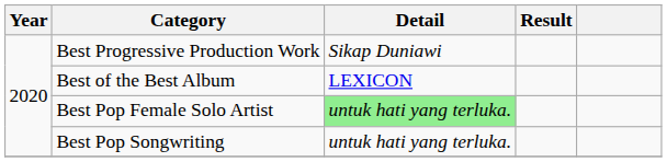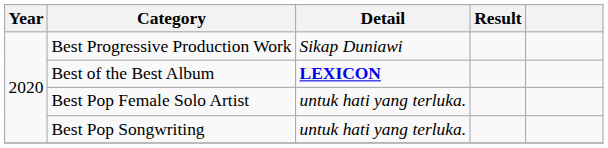 <table class="wikitable">
 <tr>
 <th>Year</th>
 <th>Category</th>
 <th>Detail</th>
 <th>Result</th>
 <th scope="col" style="width:4em;"></th>
 </tr>
 <tr>
 <td align="center" rowspan="4">2020</td>
 <td>Best Progressive Production Work</td>
 <td><em>Sikap Duniawi</em></td>
 <td></td>
 <td></td>
 </tr>
 <tr>
 <td>Best of the Best Album</td>
-<td><a href='#'>LEXICON</a></td>
+<td><strong><a href='#'>LEXICON</a></strong></td>
 <td></td>
 <td></td>
 </tr>
 <tr>
 <td>Best Pop Female Solo Artist</td>
-<td style="background: lightgreen;"><em>untuk hati yang terluka.</em></td>
+<td><em>untuk hati yang terluka.</em></td>
 <td></td>
 <td></td>
 </tr>
 <tr>
 <td>Best Pop Songwriting</td>
 <td><em>untuk hati yang terluka.</em></td>
 <td></td>
 <td></td>
 </tr>
 <tr>
 </tr>
 </table>
